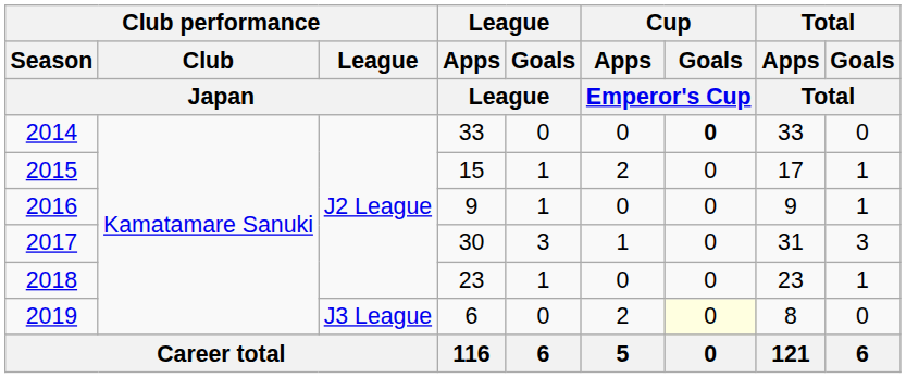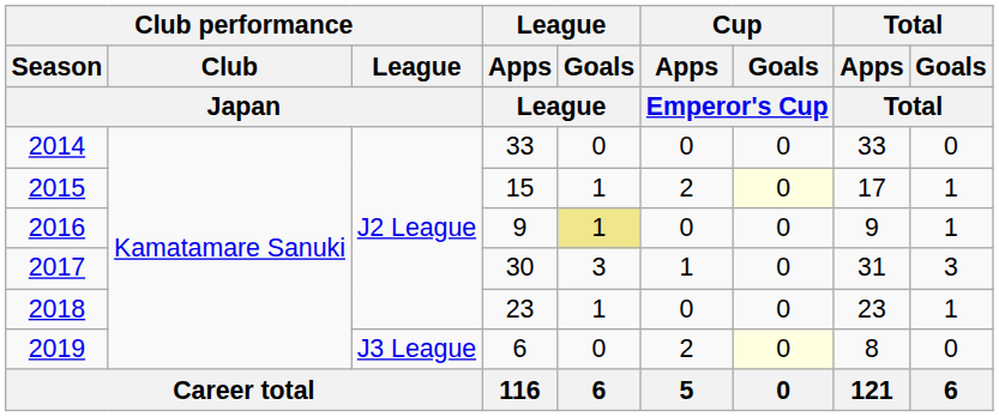 <table class="wikitable" style="text-align:center">
 <tr>
 <th colspan=3>Club performance</th>
 <th colspan=2>League</th>
 <th colspan=2>Cup</th>
 <th colspan=2>Total</th>
 </tr>
 <tr>
 <th>Season</th>
 <th>Club</th>
 <th>League</th>
 <th>Apps</th>
 <th>Goals</th>
 <th>Apps</th>
 <th>Goals</th>
 <th>Apps</th>
 <th>Goals</th>
 </tr>
 <tr>
 <th colspan=3>Japan</th>
 <th colspan=2>League</th>
 <th colspan=2><a href='#'>Emperor's Cup</a></th>
 <th colspan=2>Total</th>
 </tr>
 <tr>
 <td><a href='#'>2014</a></td>
 <td rowspan="6"><a href='#'>Kamatamare Sanuki</a></td>
 <td rowspan="5"><a href='#'>J2 League</a></td>
 <td>33</td>
 <td>0</td>
 <td>0</td>
-<td><strong>0</strong></td>
+<td>0</td>
 <td>33</td>
 <td>0</td>
 </tr>
 <tr>
 <td><a href='#'>2015</a></td>
 <td>15</td>
 <td>1</td>
 <td>2</td>
-<td>0</td>
+<td style="background: lightyellow;">0</td>
 <td>17</td>
 <td>1</td>
 </tr>
 <tr>
 <td><a href='#'>2016</a></td>
 <td>9</td>
-<td>1</td>
+<td style="background: khaki;">1</td>
 <td>0</td>
 <td>0</td>
 <td>9</td>
 <td>1</td>
 </tr>
 <tr>
 <td><a href='#'>2017</a></td>
 <td>30</td>
 <td>3</td>
 <td>1</td>
 <td>0</td>
 <td>31</td>
 <td>3</td>
 </tr>
 <tr>
 <td><a href='#'>2018</a></td>
 <td>23</td>
 <td>1</td>
 <td>0</td>
 <td>0</td>
 <td>23</td>
 <td>1</td>
 </tr>
 <tr>
 <td><a href='#'>2019</a></td>
 <td><a href='#'>J3 League</a></td>
 <td>6</td>
 <td>0</td>
 <td>2</td>
 <td style="background: lightyellow;">0</td>
 <td>8</td>
 <td>0</td>
 </tr>
 <tr>
 <th colspan=3>Career total</th>
 <th>116</th>
 <th>6</th>
 <th>5</th>
 <th>0</th>
 <th>121</th>
 <th>6</th>
 </tr>
 </table>
